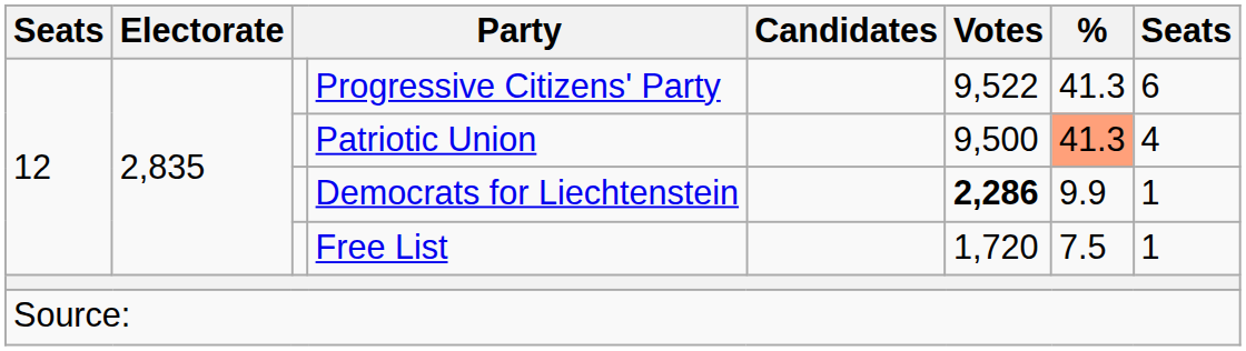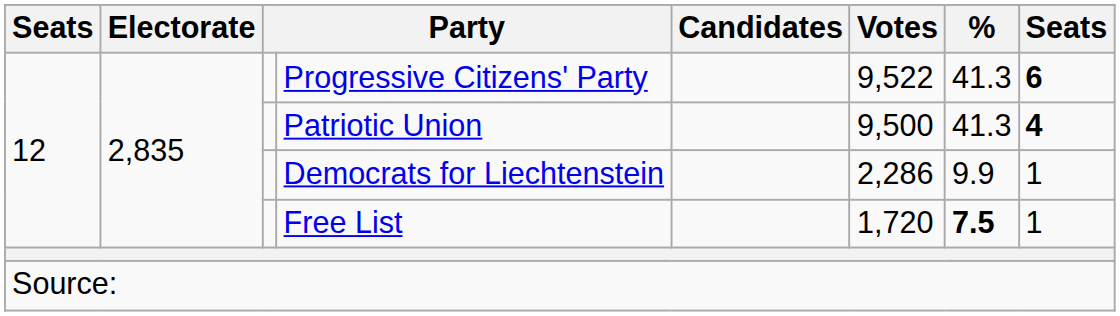 <table class="wikitable">
 <tr>
 <th>Seats</th>
 <th>Electorate</th>
 <th colspan="2">Party</th>
 <th>Candidates</th>
 <th>Votes</th>
 <th>%</th>
 <th>Seats</th>
 </tr>
 <tr>
 <td rowspan="4">12</td>
 <td rowspan="4">2,835</td>
 <td style="color:inherit;background:"></td>
 <td><a href='#'>Progressive Citizens' Party</a></td>
 <td></td>
 <td>9,522</td>
 <td>41.3</td>
-<td>6</td>
+<td><strong>6</strong></td>
 </tr>
 <tr>
 <td style="color:inherit;background:"></td>
 <td><a href='#'>Patriotic Union</a></td>
 <td></td>
 <td>9,500</td>
-<td style="background: lightsalmon;">41.3</td>
-<td>4</td>
+<td>41.3</td>
+<td><strong>4</strong></td>
 </tr>
 <tr>
 <td style="color:inherit;background:"></td>
 <td><a href='#'>Democrats for Liechtenstein</a></td>
 <td></td>
-<td><strong>2,286</strong></td>
+<td>2,286</td>
 <td>9.9</td>
 <td>1</td>
 </tr>
 <tr>
 <td style="color:inherit;background:"></td>
 <td><a href='#'>Free List</a></td>
 <td></td>
 <td>1,720</td>
-<td>7.5</td>
+<td><strong>7.5</strong></td>
 <td>1</td>
 </tr>
 <tr>
 <th colspan="8"></th>
 </tr>
 <tr>
 <td colspan="8" style="text-align:left">Source: </td>
 </tr>
 </table>
